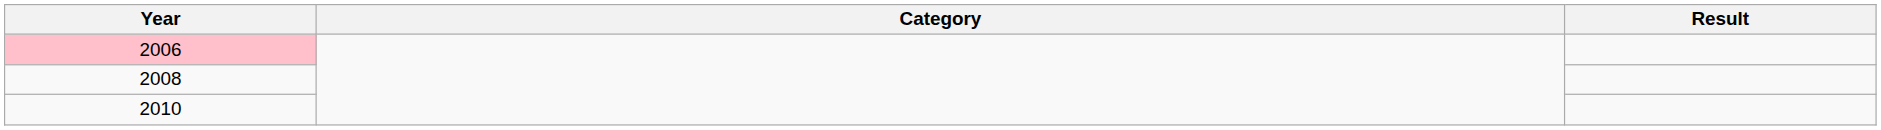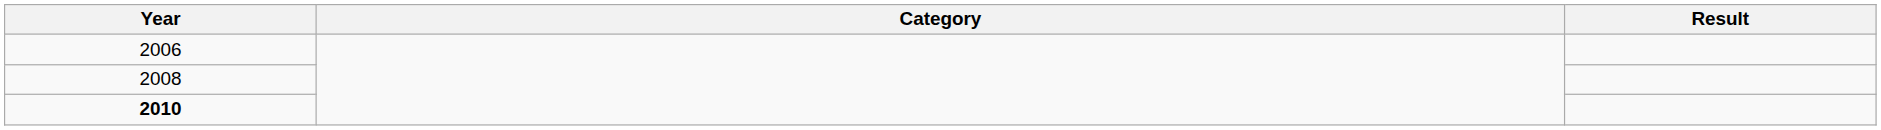 <table class="wikitable" width="80%">
 <tr>
 <th width="10%">Year</th>
 <th width="40%">Category</th>
 <th width="10%">Result</th>
 </tr>
 <tr>
-<td align="center" style="background: pink;">2006</td>
+<td align="center">2006</td>
 <td rowspan="3" align="center"></td>
 <td></td>
 </tr>
 <tr>
 <td align="center">2008</td>
 <td></td>
 </tr>
 <tr>
-<td align="center">2010</td>
+<td align="center"><strong>2010</strong></td>
 <td></td>
 </tr>
 </table>
